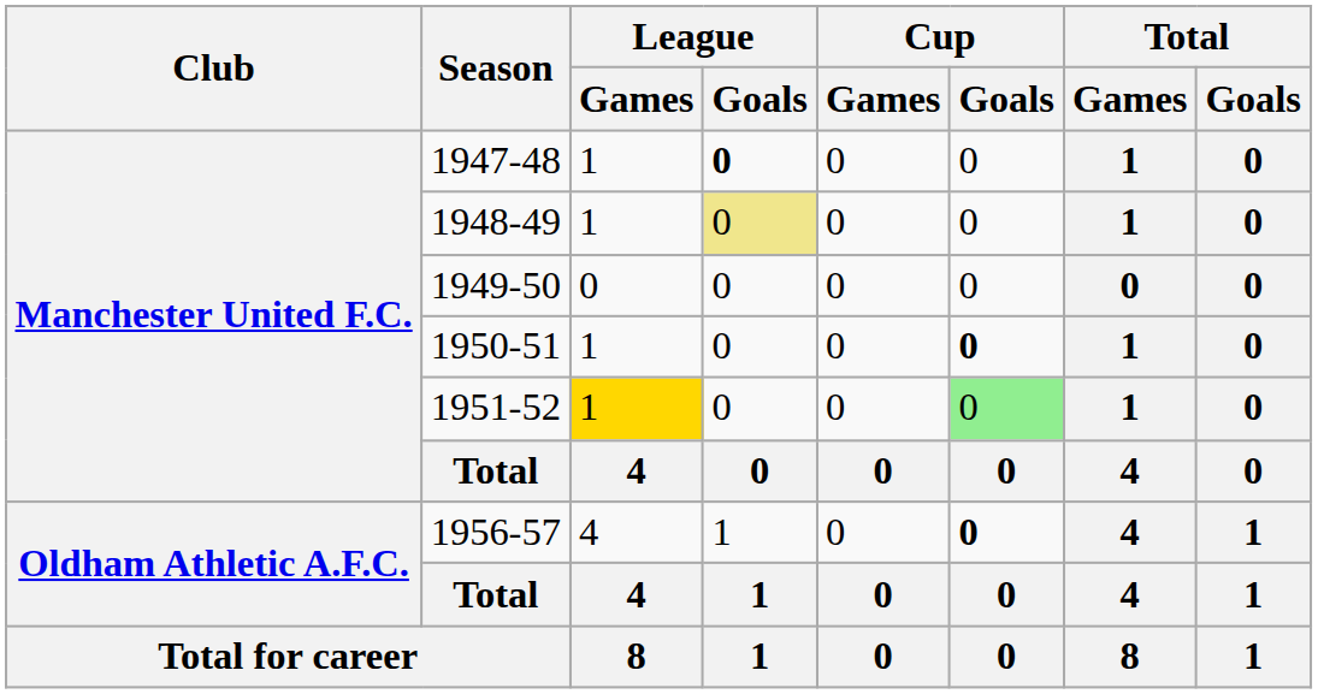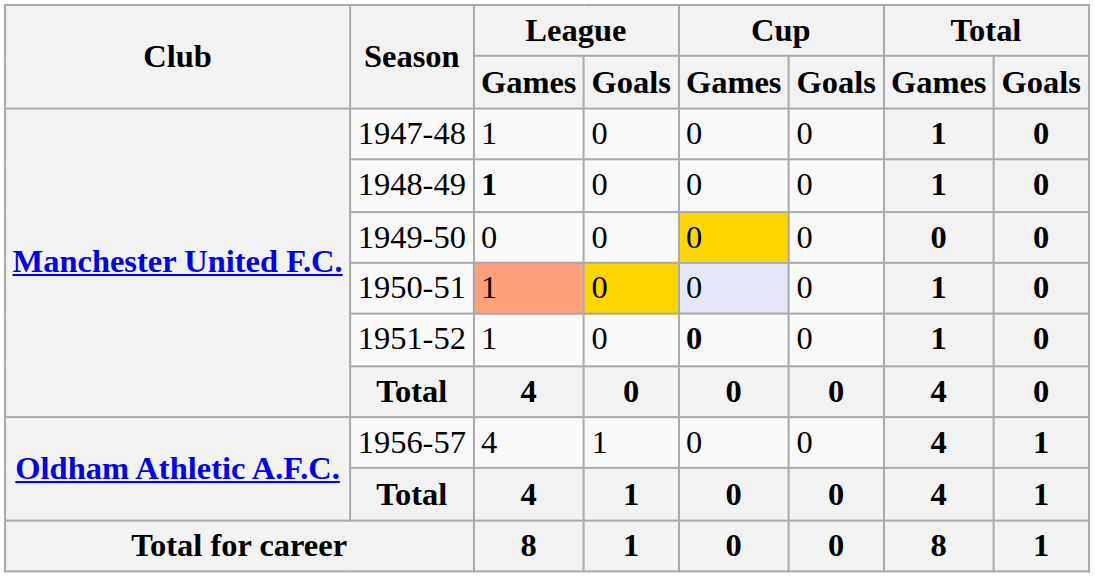 <table class="wikitable">
 <tr>
 <th rowspan="2">Club</th>
 <th rowspan="2">Season</th>
 <th colspan="2">League</th>
 <th colspan="2">Cup</th>
 <th colspan="2">Total</th>
 </tr>
 <tr>
 <th>Games</th>
 <th>Goals</th>
 <th>Games</th>
 <th>Goals</th>
 <th>Games</th>
 <th>Goals</th>
 </tr>
 <tr>
 <th rowspan="6"><a href='#'>Manchester United F.C.</a></th>
 <td>1947-48</td>
 <td>1</td>
-<td><strong>0</strong></td>
+<td>0</td>
 <td>0</td>
 <td>0</td>
 <th>1</th>
 <th>0</th>
 </tr>
 <tr>
 <td>1948-49</td>
-<td>1</td>
-<td style="background: khaki;">0</td>
+<td><strong>1</strong></td>
+<td>0</td>
 <td>0</td>
 <td>0</td>
 <th>1</th>
 <th>0</th>
 </tr>
 <tr>
 <td>1949-50</td>
 <td>0</td>
 <td>0</td>
-<td>0</td>
+<td style="background: gold;">0</td>
 <td>0</td>
 <th>0</th>
 <th>0</th>
 </tr>
 <tr>
 <td>1950-51</td>
-<td>1</td>
+<td style="background: lightsalmon;">1</td>
+<td style="background: gold;">0</td>
+<td style="background: lavender;">0</td>
 <td>0</td>
-<td>0</td>
-<td><strong>0</strong></td>
 <th>1</th>
 <th>0</th>
 </tr>
 <tr>
 <td>1951-52</td>
-<td style="background: gold;">1</td>
+<td>1</td>
 <td>0</td>
+<td><strong>0</strong></td>
 <td>0</td>
-<td style="background: lightgreen;">0</td>
 <th>1</th>
 <th>0</th>
 </tr>
 <tr>
 <th>Total</th>
 <th>4</th>
 <th>0</th>
 <th>0</th>
 <th>0</th>
 <th>4</th>
 <th>0</th>
 </tr>
 <tr>
 <th rowspan="2"><a href='#'>Oldham Athletic A.F.C.</a></th>
 <td>1956-57</td>
 <td>4</td>
 <td>1</td>
 <td>0</td>
-<td><strong>0</strong></td>
+<td>0</td>
 <th>4</th>
 <th>1</th>
 </tr>
 <tr>
 <th>Total</th>
 <th>4</th>
 <th>1</th>
 <th>0</th>
 <th>0</th>
 <th>4</th>
 <th>1</th>
 </tr>
 <tr>
 <th colspan="2">Total for career</th>
 <th>8</th>
 <th>1</th>
 <th>0</th>
 <th>0</th>
 <th>8</th>
 <th>1</th>
 </tr>
 </table>
